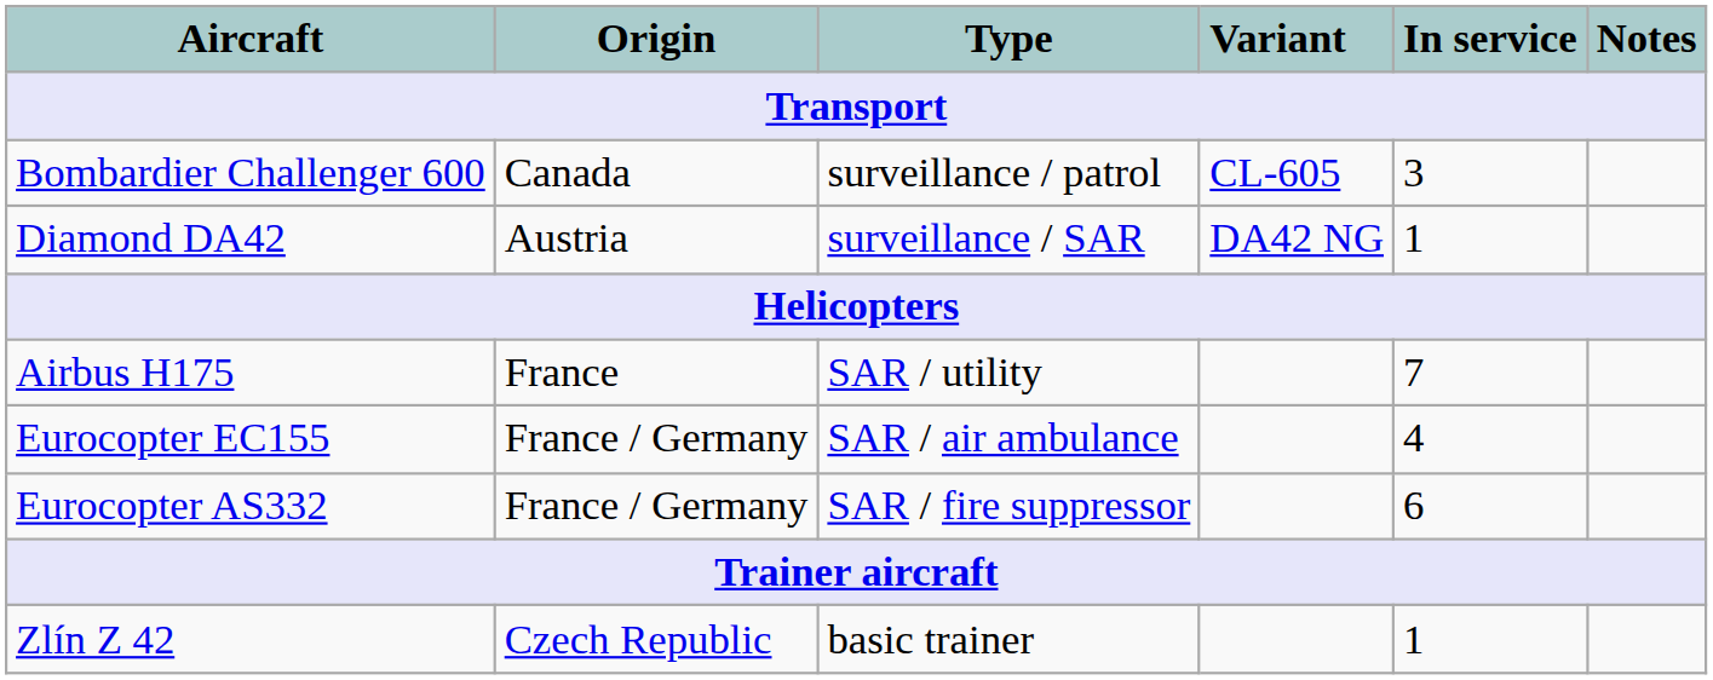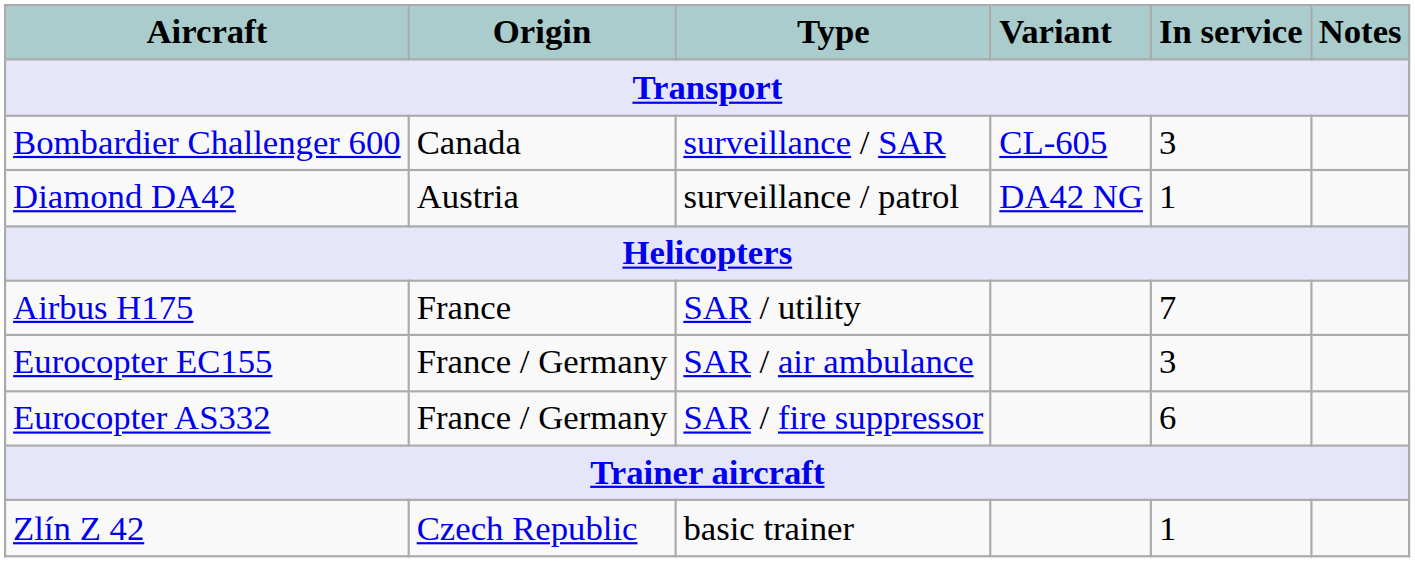 <table class = "wikitable">
 <tr>
 <th style = "text-align:center; background:#acc;">Aircraft</th>
 <th style = "text-align: center; background:#acc;">Origin</th>
 <th style = "text-align:l center; background:#acc;">Type</th>
 <th style = "text-align:left; background:#acc;">Variant</th>
 <th style = "text-align:center; background:#acc;">In service</th>
 <th style = "text-align: center; background:#acc;">Notes</th>
 </tr>
 <tr>
 <th style = "align: center; background: lavender;" colspan="6"><a href='#'>Transport</a></th>
 </tr>
 <tr>
 <td><a href='#'>Bombardier Challenger 600</a></td>
 <td>Canada</td>
-<td>surveillance / patrol</td>
+<td><a href='#'>surveillance</a> / <a href='#'>SAR</a></td>
 <td><a href='#'>CL-605</a></td>
 <td>3</td>
 <td></td>
 </tr>
 <tr>
 <td><a href='#'>Diamond DA42</a></td>
 <td>Austria</td>
-<td><a href='#'>surveillance</a> / <a href='#'>SAR</a></td>
+<td>surveillance / patrol</td>
 <td><a href='#'>DA42 NG</a></td>
 <td>1</td>
 <td></td>
 </tr>
 <tr>
 <th style = "align: center; background: lavender;" colspan="6"><a href='#'>Helicopters</a></th>
 </tr>
 <tr>
 <td><a href='#'>Airbus H175</a></td>
 <td>France</td>
 <td><a href='#'>SAR</a> / utility</td>
 <td></td>
 <td>7</td>
 <td></td>
 </tr>
 <tr>
 <td><a href='#'>Eurocopter EC155</a></td>
 <td>France / Germany</td>
 <td><a href='#'>SAR</a> / <a href='#'>air ambulance</a></td>
 <td></td>
-<td>4</td>
+<td>3</td>
 <td></td>
 </tr>
 <tr>
 <td><a href='#'>Eurocopter AS332</a></td>
 <td>France / Germany</td>
 <td><a href='#'>SAR</a> / <a href='#'>fire suppressor</a></td>
 <td></td>
 <td>6</td>
 <td></td>
 </tr>
 <tr>
 <th style = "align: center; background: lavender;" colspan="6"><a href='#'>Trainer aircraft</a></th>
 </tr>
 <tr>
 <td><a href='#'>Zlín Z 42</a></td>
 <td><a href='#'>Czech Republic</a></td>
 <td>basic trainer</td>
 <td></td>
 <td>1</td>
 <td></td>
 </tr>
 </table>
